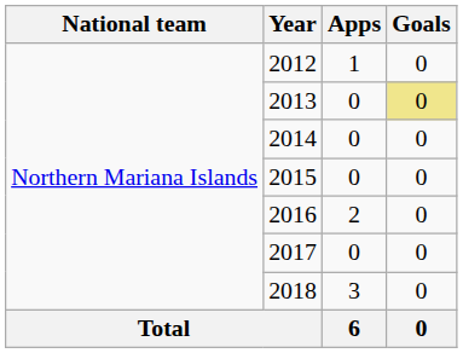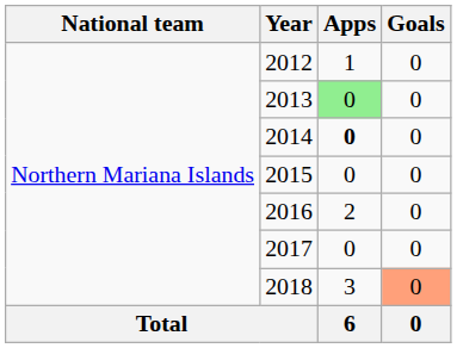 <table class="wikitable" style="text-align:center">
 <tr>
 <th>National team</th>
 <th>Year</th>
 <th>Apps</th>
 <th>Goals</th>
 </tr>
 <tr>
 <td rowspan="7"><a href='#'>Northern Mariana Islands</a></td>
 <td>2012</td>
 <td>1</td>
 <td>0</td>
 </tr>
 <tr>
 <td>2013</td>
+<td style="background: lightgreen;">0</td>
 <td>0</td>
-<td style="background: khaki;">0</td>
 </tr>
 <tr>
 <td>2014</td>
-<td>0</td>
+<td><strong>0</strong></td>
 <td>0</td>
 </tr>
 <tr>
 <td>2015</td>
 <td>0</td>
 <td>0</td>
 </tr>
 <tr>
 <td>2016</td>
 <td>2</td>
 <td>0</td>
 </tr>
 <tr>
 <td>2017</td>
 <td>0</td>
 <td>0</td>
 </tr>
 <tr>
 <td>2018</td>
 <td>3</td>
-<td>0</td>
+<td style="background: lightsalmon;">0</td>
 </tr>
 <tr>
 <th colspan=2>Total</th>
 <th>6</th>
 <th>0</th>
 </tr>
 </table>
